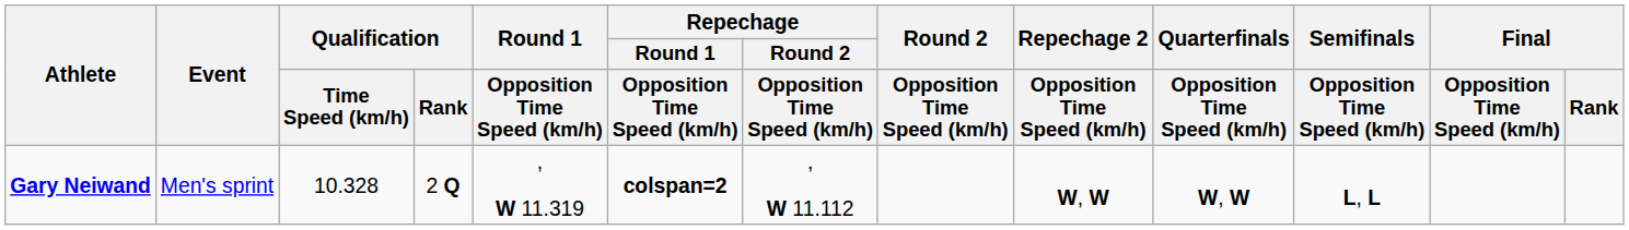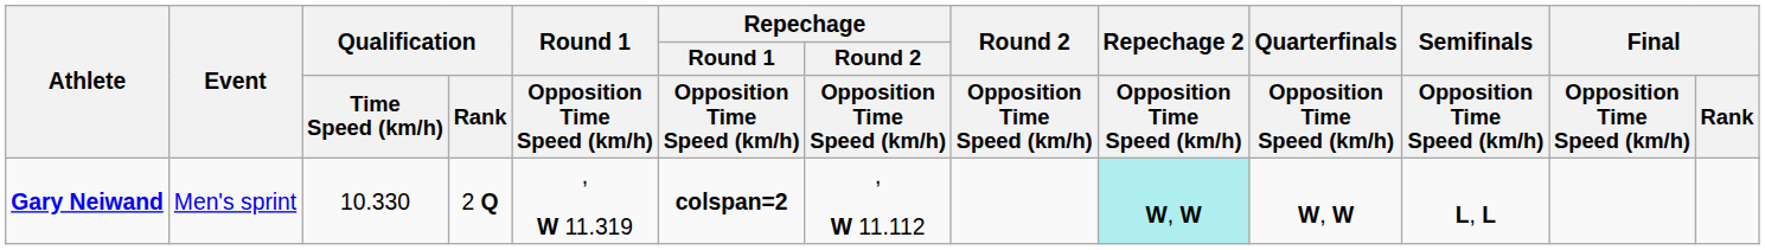 <table class="wikitable" style="font-size:90%">
 <tr>
 <th rowspan=3>Athlete</th>
 <th rowspan=3>Event</th>
 <th rowspan=2 colspan=2>Qualification</th>
 <th rowspan=2>Round 1</th>
 <th colspan=2>Repechage</th>
 <th rowspan=2>Round 2</th>
 <th rowspan=2>Repechage 2</th>
 <th rowspan=2>Quarterfinals</th>
 <th rowspan=2>Semifinals</th>
 <th rowspan=2 colspan=2>Final</th>
 </tr>
 <tr style="font-size:95%">
 <th>Round 1</th>
 <th>Round 2</th>
 </tr>
 <tr style="font-size:95%">
 <th>Time<br>Speed (km/h)</th>
 <th>Rank</th>
 <th>Opposition<br>Time<br>Speed (km/h)</th>
 <th>Opposition<br>Time<br>Speed (km/h)</th>
 <th>Opposition<br>Time<br>Speed (km/h)</th>
 <th>Opposition<br>Time<br>Speed (km/h)</th>
 <th>Opposition<br>Time<br>Speed (km/h)</th>
 <th>Opposition<br>Time<br>Speed (km/h)</th>
 <th>Opposition<br>Time<br>Speed (km/h)</th>
 <th>Opposition<br>Time<br>Speed (km/h)</th>
 <th>Rank</th>
 </tr>
 <tr align=center>
 <td align=left><strong><a href='#'>Gary Neiwand</a></strong></td>
 <td align=left><a href='#'>Men's sprint</a></td>
-<td>10.328</td>
+<td>10.330</td>
 <td>2 <strong>Q</strong></td>
 <td>,<br><br><strong>W</strong> 11.319</td>
 <td><strong>colspan=2</strong></td>
 <td>,<br><br><strong>W</strong> 11.112</td>
 <td></td>
-<td><br><strong>W</strong>, <strong>W</strong></td>
+<td style="background: paleturquoise;"><br><strong>W</strong>, <strong>W</strong></td>
 <td><br><strong>W</strong>, <strong>W</strong></td>
 <td><br><strong>L</strong>, <strong>L</strong></td>
 <td></td>
 </tr>
 </table>
